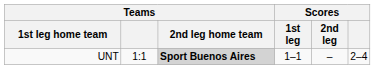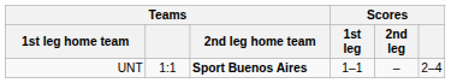 <table class="wikitable" style="text-align: center;">
 <tr>
 <th colspan=3>Teams</th>
 <th colspan=3>Scores</th>
 </tr>
 <tr>
 <th width="175">1st leg home team</th>
 <th width="50"></th>
 <th width="175">2nd leg home team</th>
 <th width="50">1st leg</th>
 <th width="50">2nd leg</th>
 <th></th>
 </tr>
 <tr>
 <td align=right>UNT</td>
 <td>1:1</td>
-<td align=left style="background: lightgrey;"><strong>Sport Buenos Aires</strong></td>
+<td align=left><strong>Sport Buenos Aires</strong></td>
 <td>1–1</td>
 <td>–</td>
 <td>2–4</td>
 </tr>
 </table>
